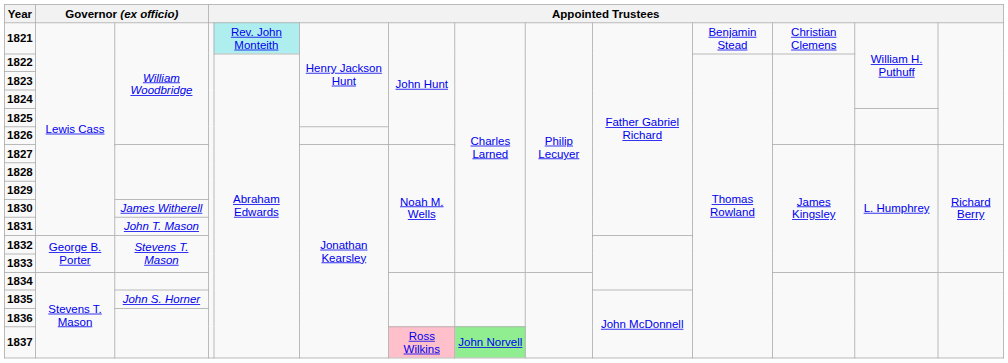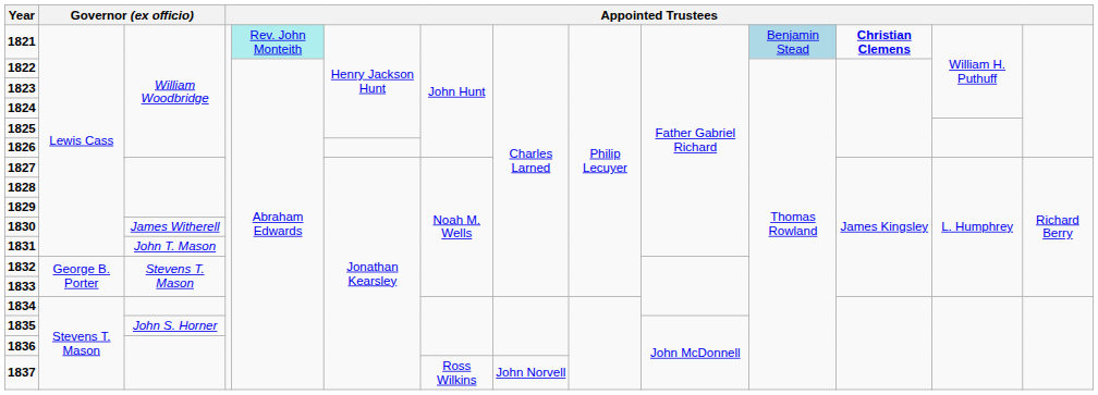 <table class="wikitable" style="text-align:center; font-size: 90%;">
 <tr>
 <th>Year</th>
 <th colspan="2">Governor <em>(ex officio)</em></th>
 <th colspan="11">Appointed Trustees</th>
 </tr>
 <tr>
 <td><strong>1821</strong></td>
 <td rowspan="14" ><a href='#'>Lewis Cass</a></td>
 <td rowspan="8" ><em><a href='#'>William Woodbridge</a></em></td>
 <td rowspan="22"></td>
 <td rowspan="1" style="background: paleturquoise;"><a href='#'>Rev. John Monteith</a></td>
 <td rowspan="6"><a href='#'>Henry Jackson Hunt</a></td>
 <td rowspan="8"><a href='#'>John Hunt</a></td>
 <td rowspan="18"><a href='#'>Charles Larned</a></td>
 <td rowspan="18"><a href='#'>Philip Lecuyer</a></td>
 <td rowspan="16"><a href='#'>Father Gabriel Richard</a></td>
-<td><a href='#'>Benjamin Stead</a></td>
-<td><a href='#'>Christian Clemens</a></td>
+<td style="background: lightblue;"><a href='#'>Benjamin Stead</a></td>
+<td><strong><a href='#'>Christian Clemens</a></strong></td>
 <td rowspan="4"><a href='#'>William H. Puthuff</a></td>
 <td rowspan="8"></td>
 </tr>
 <tr>
 <td><strong>1822</strong></td>
 <td rowspan="21"><a href='#'>Abraham Edwards</a></td>
 <td rowspan="21"><a href='#'>Thomas Rowland</a></td>
 <td rowspan="7"></td>
 </tr>
 <tr>
 <td><strong>1823</strong></td>
 </tr>
 <tr>
 <td><strong>1824</strong></td>
 </tr>
 <tr>
 <td><strong>1825</strong></td>
 <td rowspan="4"></td>
 </tr>
 <tr>
 <td rowspan="2"><strong>1826</strong></td>
 </tr>
 <tr>
 <td rowspan="2"></td>
 </tr>
 <tr>
 <td rowspan="2"><strong>1827</strong></td>
 </tr>
 <tr>
 <td rowspan="3"></td>
 <td rowspan="14"><a href='#'>Jonathan Kearsley</a></td>
 <td rowspan="10"><a href='#'>Noah M. Wells</a></td>
 <td rowspan="10"><a href='#'>James Kingsley</a></td>
 <td rowspan="10"><a href='#'>L. Humphrey</a></td>
 <td rowspan="10"><a href='#'>Richard Berry</a></td>
 </tr>
 <tr>
 <td><strong>1828</strong></td>
 </tr>
 <tr>
 <td><strong>1829</strong></td>
 </tr>
 <tr>
 <td rowspan="2"><strong>1830</strong></td>
 <td><em><a href='#'>James Witherell</a></em></td>
 </tr>
 <tr>
 <td rowspan="2"><em><a href='#'>John T. Mason</a></em></td>
 </tr>
 <tr>
 <td rowspan="2"><strong>1831</strong></td>
 </tr>
 <tr>
 <td rowspan="4" ><a href='#'>George B. Porter</a></td>
 <td rowspan="4" ><em><a href='#'>Stevens T. Mason</a></em></td>
 </tr>
 <tr>
 <td rowspan="2"><strong>1832</strong></td>
 </tr>
 <tr>
 <td rowspan="3"></td>
 </tr>
 <tr>
 <td><strong>1833</strong></td>
 </tr>
 <tr>
 <td><strong>1834</strong></td>
 <td rowspan="4" ><a href='#'>Stevens T. Mason</a></td>
 <td></td>
 <td rowspan="3"></td>
 <td rowspan="3"></td>
 <td rowspan="4"></td>
 <td rowspan="4"></td>
 <td rowspan="4"></td>
 <td rowspan="4"></td>
 </tr>
 <tr>
 <td><strong>1835</strong></td>
 <td><em><a href='#'>John S. Horner</a></em></td>
 <td rowspan="3"><a href='#'>John McDonnell</a></td>
 </tr>
 <tr>
 <td><strong>1836</strong></td>
 <td rowspan="2"></td>
 </tr>
 <tr>
 <td><strong>1837</strong></td>
-<td style="background: pink;"><a href='#'>Ross Wilkins</a></td>
-<td style="background: lightgreen;"><a href='#'>John Norvell</a></td>
+<td><a href='#'>Ross Wilkins</a></td>
+<td><a href='#'>John Norvell</a></td>
 </tr>
 </table>
